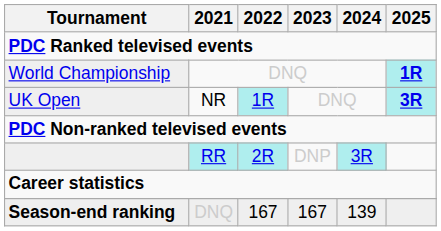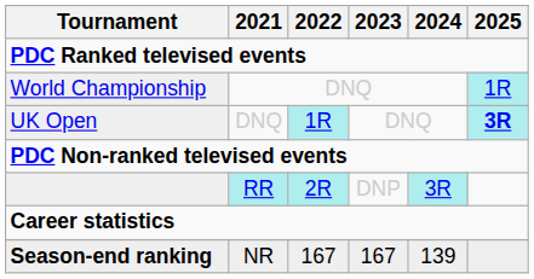 <table class="wikitable" style="width:20%; margin:0">
 <tr>
 <th>Tournament</th>
 <th>2021</th>
 <th>2022</th>
 <th>2023</th>
 <th>2024</th>
 <th>2025</th>
 </tr>
 <tr>
 <td Colspan="6" style="text-align:left"><strong><a href='#'>PDC</a> Ranked televised events</strong></td>
 </tr>
 <tr>
 <td style="background:#efefef;"><a href='#'>World Championship</a></td>
 <td colspan=4 style="text-align:center; color:#ccc;">DNQ</td>
-<td style="text-align:center; background:#afeeee;"><strong><a href='#'>1R</a></strong></td>
+<td style="text-align:center; background:#afeeee;"><a href='#'>1R</a></td>
 </tr>
 <tr>
 <td style="background:#efefef;"><a href='#'>UK Open</a></td>
-<td style="text-align:center;">NR</td>
+<td style="text-align:center; color:#ccc;">DNQ</td>
 <td style="text-align:center; background:#afeeee;"><a href='#'>1R</a></td>
 <td colspan=2 style="text-align:center; color:#ccc;">DNQ</td>
 <td style="text-align:center; background:#afeeee;"><strong><a href='#'>3R</a></strong></td>
 </tr>
 <tr>
 <td colspan="6" style="text-align:left"><strong><a href='#'>PDC</a> Non-ranked televised events</strong></td>
 </tr>
 <tr>
 <td style="background:#efefef;"></td>
 <td style="text-align:center; background:#afeeee;"><a href='#'>RR</a></td>
 <td style="text-align:center; background:#afeeee;"><a href='#'>2R</a></td>
 <td style="text-align:center; color:#ccc;">DNP</td>
 <td style="text-align:center; background:#afeeee;"><a href='#'>3R</a></td>
 <td></td>
 </tr>
 <tr>
 <td colspan="6" style="text-align:left"><strong>Career statistics</strong></td>
 </tr>
 <tr>
 </tr>
 <tr style="background:#efefef">
 <td style="text-align:left"><strong>Season-end ranking</strong></td>
-<td style="text-align:center; color:#ccc;">DNQ</td>
+<td style="text-align:center;">NR</td>
 <td style="text-align:center;">167</td>
 <td style="text-align:center;">167</td>
 <td style="text-align:center;">139</td>
 <td style="text-align:center;"></td>
 </tr>
 </table>
